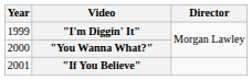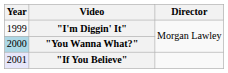 <table class="wikitable plainrowheaders">
 <tr>
 <th>Year</th>
 <th style="width:12em;">Video</th>
 <th>Director</th>
 </tr>
 <tr>
 <td>1999</td>
 <th scope="row">"I'm Diggin' It"</th>
 <td rowspan="2">Morgan Lawley</td>
 </tr>
 <tr>
-<td>2000</td>
+<td style="background: lightblue;">2000</td>
 <th scope="row">"You Wanna What?"</th>
 </tr>
 <tr>
-<td>2001</td>
+<td style="background: lavender;">2001</td>
 <th scope="row">"If You Believe"</th>
 <td></td>
 </tr>
 </table>
